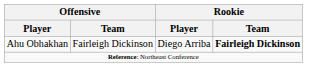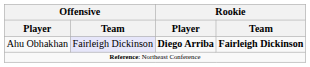 <table class="wikitable">
 <tr>
 <th colspan="2">Offensive</th>
 <th colspan="2">Rookie</th>
 </tr>
 <tr>
 <th>Player</th>
 <th>Team</th>
 <th>Player</th>
 <th>Team</th>
 </tr>
 <tr>
 <td>Ahu Obhakhan</td>
-<td>Fairleigh Dickinson</td>
-<td>Diego Arriba</td>
+<td style="background: lavender;">Fairleigh Dickinson</td>
+<td><strong>Diego Arriba</strong></td>
 <td><strong>Fairleigh Dickinson</strong></td>
 </tr>
 <tr>
 <td colspan="12"  style="font-size:8pt; text-align:center;"><strong>Reference</strong>: Northeast Conference</td>
 </tr>
 </table>
